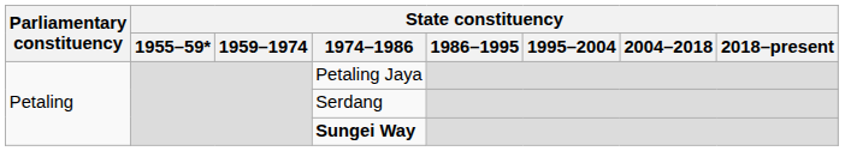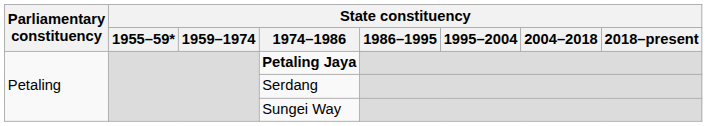 <table class="wikitable">
 <tr>
 <th rowspan="2">Parliamentary<br>constituency</th>
 <th colspan="7">State constituency</th>
 </tr>
 <tr>
 <th>1955–59*</th>
 <th>1959–1974</th>
 <th>1974–1986</th>
 <th>1986–1995</th>
 <th>1995–2004</th>
 <th>2004–2018</th>
 <th>2018–present</th>
 </tr>
 <tr>
 <td rowspan="3">Petaling</td>
 <td colspan="2" rowspan="3" bgcolor="dcdcdc"></td>
-<td>Petaling Jaya</td>
+<td><strong>Petaling Jaya</strong></td>
 <td colspan="4" bgcolor="dcdcdc"></td>
 </tr>
 <tr>
 <td>Serdang</td>
 <td colspan="4" bgcolor="dcdcdc"></td>
 </tr>
 <tr>
-<td><strong>Sungei Way</strong></td>
+<td>Sungei Way</td>
 <td colspan="4" bgcolor="dcdcdc"></td>
 </tr>
 </table>
